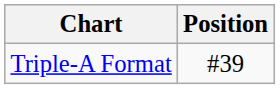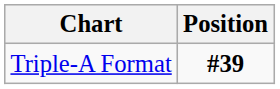 <table class="wikitable">
 <tr>
 <th align="left">Chart</th>
 <th align="left">Position</th>
 </tr>
 <tr>
 <td align="left"><a href='#'>Triple-A Format</a></td>
-<td align="center">#39</td>
+<td align="center"><strong>#39</strong></td>
 </tr>
 </table>
